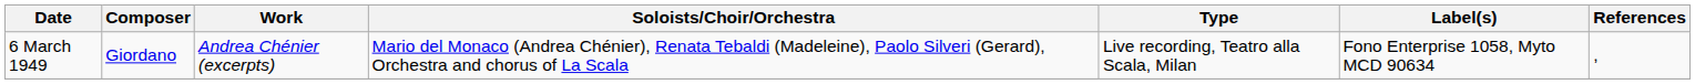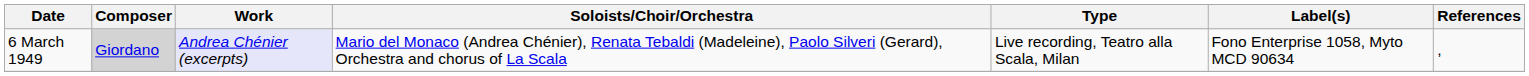 <table class="wikitable">
 <tr>
 <th>Date</th>
 <th>Composer</th>
 <th>Work</th>
 <th>Soloists/Choir/Orchestra</th>
 <th>Type</th>
 <th>Label(s)</th>
 <th>References</th>
 </tr>
 <tr>
 <td>6 March 1949</td>
-<td><a href='#'>Giordano</a></td>
-<td><em><a href='#'>Andrea Chénier</a> (excerpts)</em></td>
+<td style="background: lightgrey;"><a href='#'>Giordano</a></td>
+<td style="background: lavender;"><em><a href='#'>Andrea Chénier</a> (excerpts)</em></td>
 <td><a href='#'>Mario del Monaco</a> (Andrea Chénier), <a href='#'>Renata Tebaldi</a> (Madeleine), <a href='#'>Paolo Silveri</a> (Gerard), Orchestra and chorus of <a href='#'>La Scala</a></td>
 <td>Live recording, Teatro alla Scala, Milan</td>
 <td>Fono Enterprise 1058, Myto MCD 90634</td>
 <td>, </td>
 </tr>
 <tr>
 </tr>
 </table>
